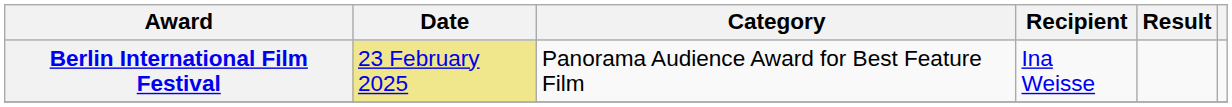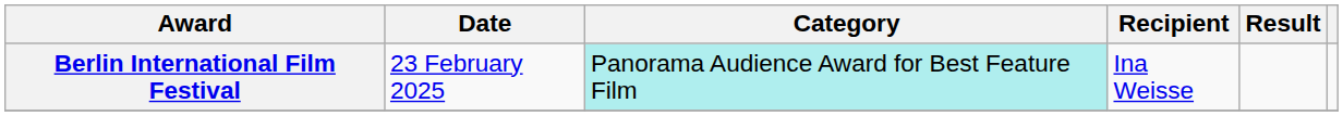 <table class="wikitable sortable plainrowheaders">
 <tr>
 <th>Award</th>
 <th>Date</th>
 <th>Category</th>
 <th>Recipient</th>
 <th>Result</th>
 <th></th>
 </tr>
 <tr>
 <th scope="row"><a href='#'>Berlin International Film Festival</a></th>
-<td style="background: khaki;"><a href='#'>23 February 2025</a></td>
-<td>Panorama Audience Award for Best Feature Film</td>
+<td><a href='#'>23 February 2025</a></td>
+<td style="background: paleturquoise;">Panorama Audience Award for Best Feature Film</td>
 <td><a href='#'>Ina Weisse</a></td>
 <td></td>
 <td align="center" rowspan="1"></td>
 </tr>
 <tr>
 </tr>
 </table>
